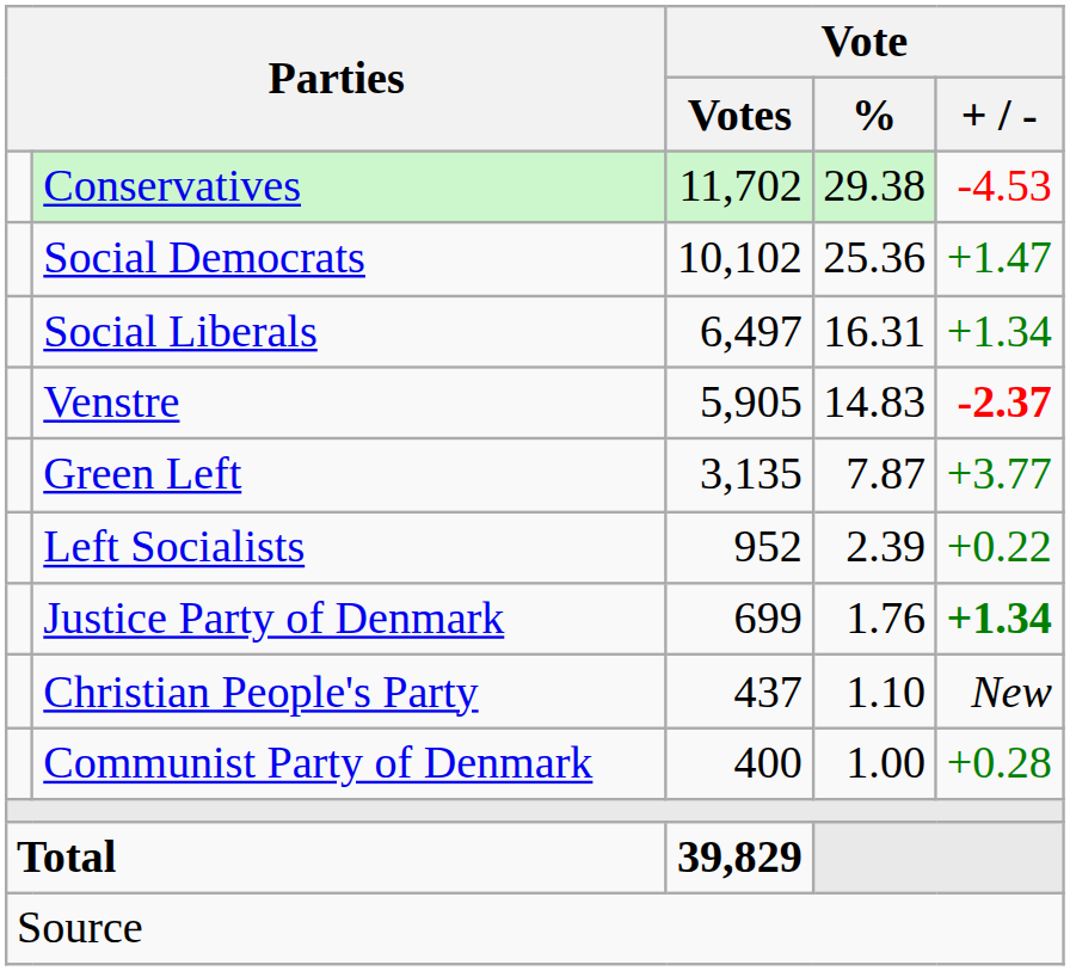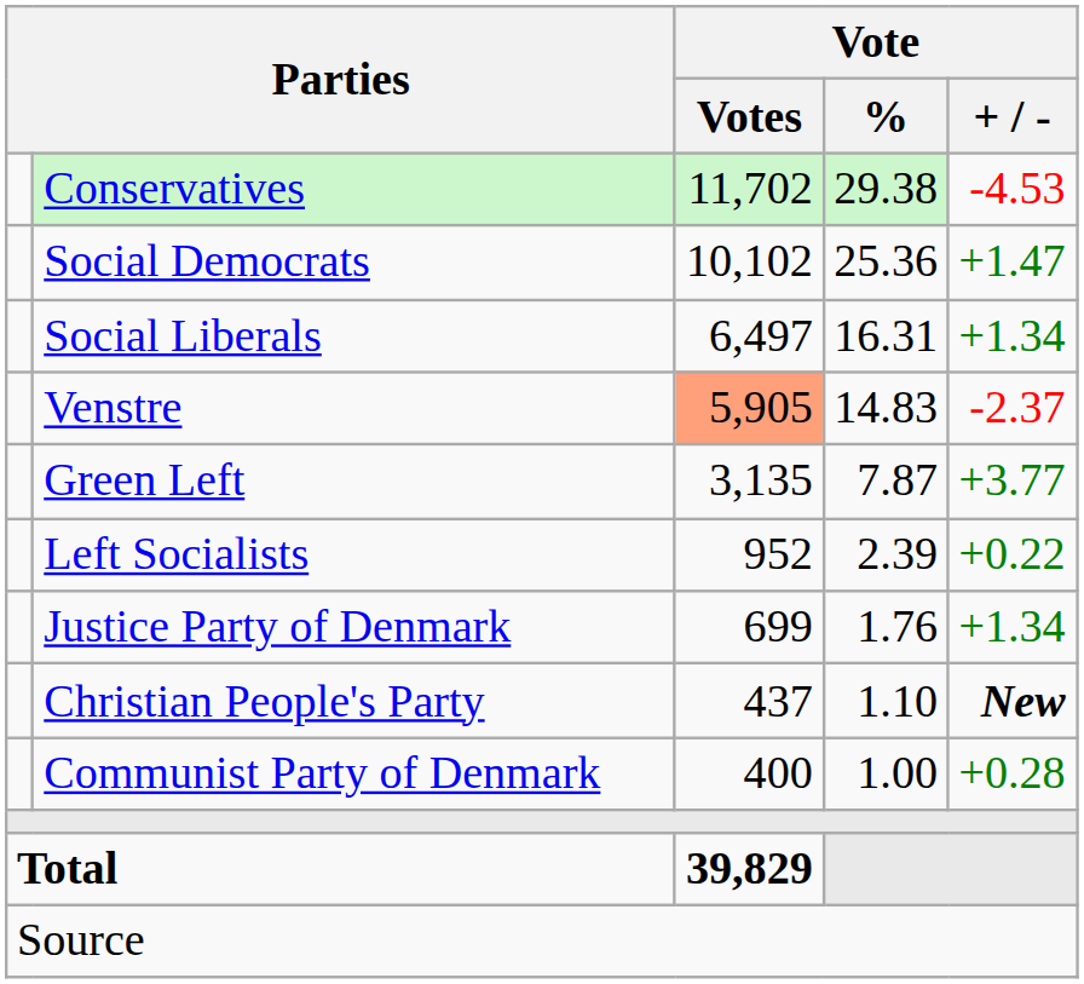 <table class="wikitable" style="text-align:right;">
 <tr>
 <th style="text-align:centre;" rowspan="2" colspan="2" width="225">Parties</th>
 <th colspan="3">Vote</th>
 </tr>
 <tr>
 <th width="15">Votes</th>
 <th width="15">%</th>
 <th width="15">+ / -</th>
 </tr>
 <tr>
 <td width="2" style="color:inherit;background:"></td>
 <td bgcolor=#ccf7cc  align="left"><a href='#'>Conservatives</a></td>
 <td bgcolor=#ccf7cc>11,702</td>
 <td bgcolor=#ccf7cc>29.38</td>
 <td style=color:red;>-4.53</td>
 </tr>
 <tr>
 <td width="2" style="color:inherit;background:"></td>
 <td align="left"><a href='#'>Social Democrats</a></td>
 <td>10,102</td>
 <td>25.36</td>
 <td style=color:green;>+1.47</td>
 </tr>
 <tr>
 <td width="2" style="color:inherit;background:"></td>
 <td align="left"><a href='#'>Social Liberals</a></td>
 <td>6,497</td>
 <td>16.31</td>
 <td style=color:green;>+1.34</td>
 </tr>
 <tr>
 <td width="2" style="color:inherit;background:"></td>
 <td align="left"><a href='#'>Venstre</a></td>
-<td>5,905</td>
+<td style="background: lightsalmon;">5,905</td>
 <td>14.83</td>
-<td style=color:red;><strong>-2.37</strong></td>
+<td style=color:red;>-2.37</td>
 </tr>
 <tr>
 <td width="2" style="color:inherit;background:"></td>
 <td align="left"><a href='#'>Green Left</a></td>
 <td>3,135</td>
 <td>7.87</td>
 <td style=color:green;>+3.77</td>
 </tr>
 <tr>
 <td width="2" style="color:inherit;background:"></td>
 <td align="left"><a href='#'>Left Socialists</a></td>
 <td>952</td>
 <td>2.39</td>
 <td style=color:green;>+0.22</td>
 </tr>
 <tr>
 <td width="2" style="color:inherit;background:"></td>
 <td align="left"><a href='#'>Justice Party of Denmark</a></td>
 <td>699</td>
 <td>1.76</td>
-<td style=color:green;><strong>+1.34</strong></td>
+<td style=color:green;>+1.34</td>
 </tr>
 <tr>
 <td width="2" style="color:inherit;background:"></td>
 <td align="left"><a href='#'>Christian People's Party</a></td>
 <td>437</td>
 <td>1.10</td>
-<td><em>New</em></td>
+<td><strong><em>New</em></strong></td>
 </tr>
 <tr>
 <td width="2" style="color:inherit;background:"></td>
 <td align="left"><a href='#'>Communist Party of Denmark</a></td>
 <td>400</td>
 <td>1.00</td>
 <td style=color:green;>+0.28</td>
 </tr>
 <tr>
 <td colspan="7" bgcolor="#E9E9E9"></td>
 </tr>
 <tr>
 <td align="left" colspan="2"><strong>Total</strong></td>
 <td><strong>39,829</strong></td>
 <td bgcolor="#E9E9E9" colspan="2"></td>
 </tr>
 <tr>
 <td align="left" colspan="6">Source</td>
 </tr>
 </table>
